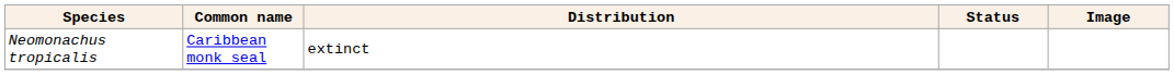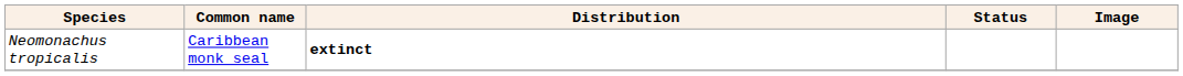 <table class="sortable wikitable plainrowheaders" border="0" style="background:#ffffff" align="top" class="sortable wikitable">
 <tr ->
 <th scope="col" style="background-color:Linen; color:Black" width=150 px>Species</th>
 <th scope="col" style="background-color:Linen; color:Black" width=100 px>Common name</th>
 <th scope="col" style="background:Linen; color:Black" width=550 px>Distribution</th>
 <th scope="col" style="background-color:Linen; color:Black" width=90 px>Status</th>
 <th scope="col" style="background:Linen; color:Black" width=100 px>Image</th>
 </tr>
 <tr>
 <td !scope="row" style="background:#ffffff"><em>Neomonachus tropicalis</em></td>
 <td><a href='#'>Caribbean monk seal</a></td>
-<td>extinct</td>
+<td><strong>extinct</strong></td>
 <td></td>
 <td></td>
 </tr>
 <tr>
 </tr>
 </table>
